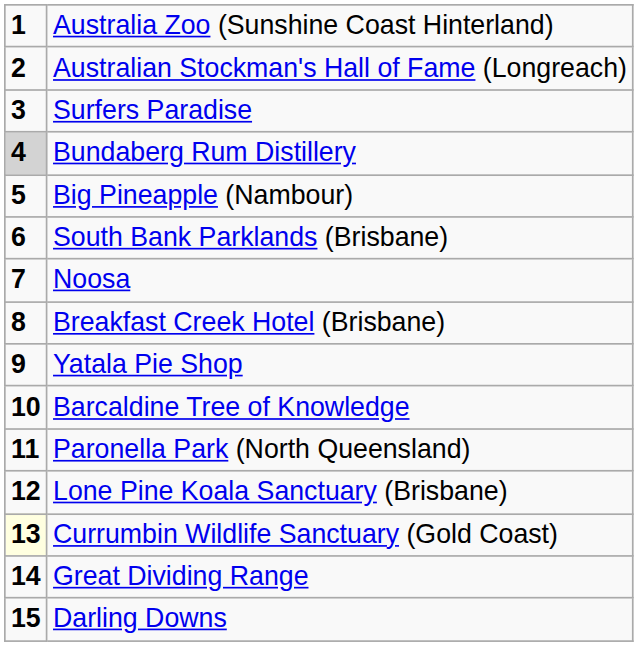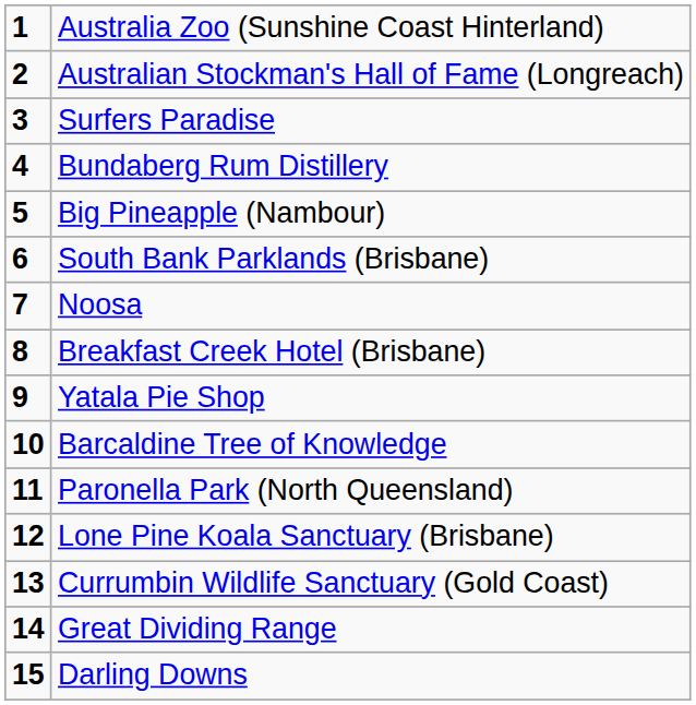 <table class="wikitable">
 <tr>
 <td><strong>1</strong></td>
 <td><a href='#'>Australia Zoo</a> (Sunshine Coast Hinterland)</td>
 </tr>
 <tr>
 <td><strong>2</strong></td>
 <td><a href='#'>Australian Stockman's Hall of Fame</a> (Longreach)</td>
 </tr>
 <tr>
 <td><strong>3</strong></td>
 <td><a href='#'>Surfers Paradise</a></td>
 </tr>
 <tr>
-<td style="background: lightgrey;"><strong>4</strong></td>
+<td><strong>4</strong></td>
 <td><a href='#'>Bundaberg Rum Distillery</a></td>
 </tr>
 <tr>
 <td><strong>5</strong></td>
 <td><a href='#'>Big Pineapple</a> (Nambour)</td>
 </tr>
 <tr>
 <td><strong>6</strong></td>
 <td><a href='#'>South Bank Parklands</a> (Brisbane)</td>
 </tr>
 <tr>
 <td><strong>7</strong></td>
 <td><a href='#'>Noosa</a></td>
 </tr>
 <tr>
 <td><strong>8</strong></td>
 <td><a href='#'>Breakfast Creek Hotel</a> (Brisbane)</td>
 </tr>
 <tr>
 <td><strong>9</strong></td>
 <td><a href='#'>Yatala Pie Shop</a></td>
 </tr>
 <tr>
 <td><strong>10</strong></td>
 <td><a href='#'>Barcaldine Tree of Knowledge</a></td>
 </tr>
 <tr>
 <td><strong>11</strong></td>
 <td><a href='#'>Paronella Park</a> (North Queensland)</td>
 </tr>
 <tr>
 <td><strong>12</strong></td>
 <td><a href='#'>Lone Pine Koala Sanctuary</a> (Brisbane)</td>
 </tr>
 <tr>
-<td style="background: lightyellow;"><strong>13</strong></td>
+<td><strong>13</strong></td>
 <td><a href='#'>Currumbin Wildlife Sanctuary</a> (Gold Coast)</td>
 </tr>
 <tr>
 <td><strong>14</strong></td>
 <td><a href='#'>Great Dividing Range</a></td>
 </tr>
 <tr>
 <td><strong>15</strong></td>
 <td><a href='#'>Darling Downs</a></td>
 </tr>
 </table>
